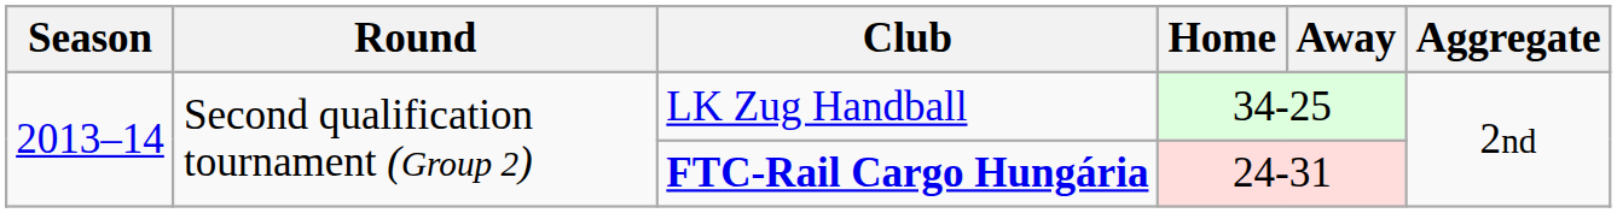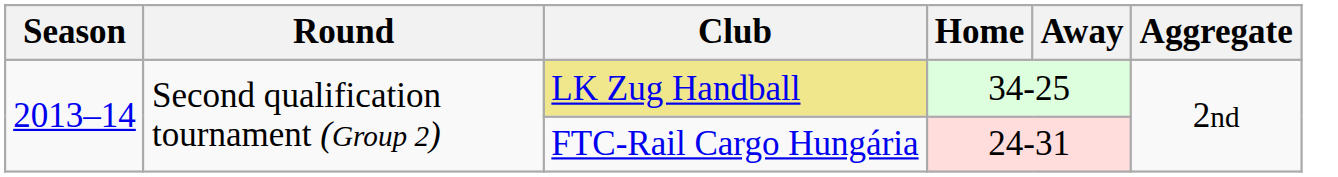 <table class="wikitable">
 <tr>
 <th>Season</th>
 <th width=175>Round</th>
 <th>Club</th>
 <th>Home</th>
 <th>Away</th>
 <th>Aggregate</th>
 </tr>
 <tr>
 <td rowspan=2><a href='#'>2013–14</a></td>
 <td rowspan=2>Second qualification tournament <em>(<small>Group 2</small>)</em></td>
-<td> <a href='#'>LK Zug Handball</a></td>
+<td style="background: khaki;"> <a href='#'>LK Zug Handball</a></td>
 <td colspan=2; style="text-align:center; background:#dfd;">34-25</td>
 <td align=center rowspan=2>2<small>nd</small> <br></td>
 </tr>
 <tr>
-<td><strong> <a href='#'>FTC-Rail Cargo Hungária</a></strong></td>
+<td> <a href='#'>FTC-Rail Cargo Hungária</a></td>
 <td colspan=2; style="text-align:center; background:#fdd;">24-31</td>
 </tr>
 </table>
